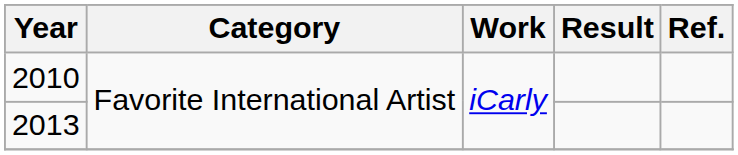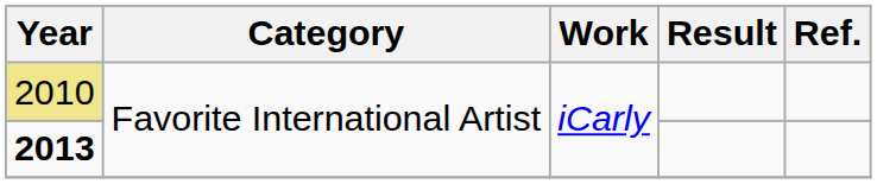 <table class="wikitable">
 <tr>
 <th>Year</th>
 <th>Category</th>
 <th>Work</th>
 <th>Result</th>
 <th>Ref.</th>
 </tr>
 <tr>
-<td>2010</td>
+<td style="background: khaki;">2010</td>
 <td rowspan="2">Favorite International Artist</td>
 <td rowspan="2"><em><a href='#'>iCarly</a></em></td>
 <td></td>
 <td></td>
 </tr>
 <tr>
-<td>2013</td>
+<td><strong>2013</strong></td>
 <td></td>
 <td></td>
 </tr>
 <tr>
 </tr>
 </table>
